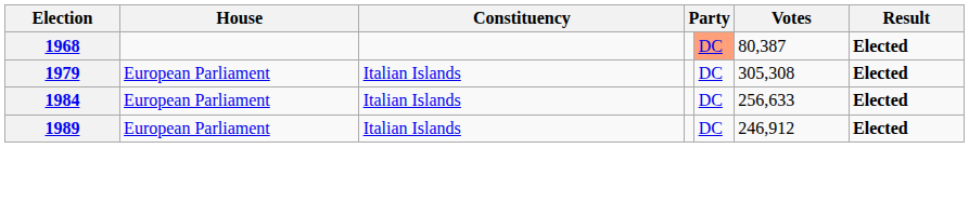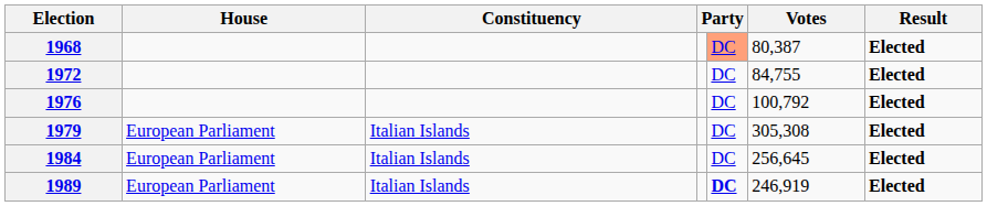 <table class=wikitable style="width:70%; border:1px #AAAAFF solid">
 <tr>
 <th width=12%>Election</th>
 <th width=25%>House</th>
 <th width=34%>Constituency</th>
 <th width=5% colspan="2">Party</th>
 <th width=12%>Votes</th>
 <th width=12%>Result</th>
 </tr>
 <tr>
 <th><a href='#'>1968</a></th>
 <td></td>
 <td></td>
 <td></td>
 <td style="background: lightsalmon;"><a href='#'>DC</a></td>
 <td>80,387</td>
 <td> <strong>Elected</strong></td>
 </tr>
 <tr>
+<th><a href='#'>1972</a></th>
+<td></td>
+<td></td>
+<td></td>
+<td><a href='#'>DC</a></td>
+<td>84,755</td>
+<td> <strong>Elected</strong></td>
+</tr>
+<tr>
+<th><a href='#'>1976</a></th>
+<td></td>
+<td></td>
+<td></td>
+<td><a href='#'>DC</a></td>
+<td>100,792</td>
+<td> <strong>Elected</strong></td>
+</tr>
+<tr>
 <th><a href='#'>1979</a></th>
 <td><a href='#'>European Parliament</a></td>
 <td><a href='#'>Italian Islands</a></td>
 <td></td>
 <td><a href='#'>DC</a></td>
 <td>305,308</td>
 <td> <strong>Elected</strong></td>
 </tr>
 <tr>
 <th><a href='#'>1984</a></th>
 <td><a href='#'>European Parliament</a></td>
 <td><a href='#'>Italian Islands</a></td>
 <td></td>
 <td><a href='#'>DC</a></td>
-<td>256,633</td>
+<td>256,645</td>
 <td> <strong>Elected</strong></td>
 </tr>
 <tr>
 <th><a href='#'>1989</a></th>
 <td><a href='#'>European Parliament</a></td>
 <td><a href='#'>Italian Islands</a></td>
 <td></td>
-<td><a href='#'>DC</a></td>
-<td>246,912</td>
+<td><strong><a href='#'>DC</a></strong></td>
+<td>246,919</td>
 <td> <strong>Elected</strong></td>
 </tr>
 </table>
